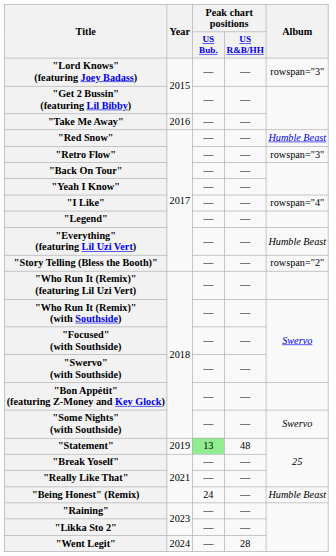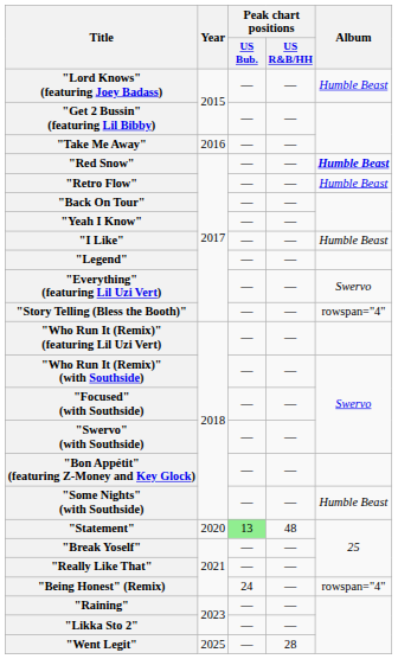 <table class="wikitable plainrowheaders" style="text-align:center;">
 <tr>
 <th scope="col" rowspan="2">Title</th>
 <th scope="col" rowspan="2">Year</th>
 <th scope="col" colspan="2">Peak chart positions</th>
 <th scope="col" rowspan="2">Album</th>
 </tr>
 <tr>
 <th scope="col" style="width:3em;font-size:90%;"><a href='#'>US<br>Bub.</a><br></th>
 <th scope="col" style="width:3em;font-size:90%;"><a href='#'>US<br>R&B/HH</a><br></th>
 </tr>
 <tr>
 <th scope="row">"Lord Knows"<br><span>(featuring <a href='#'>Joey Badass</a>)</span></th>
 <td rowspan="2">2015</td>
 <td>—</td>
 <td>—</td>
-<td>rowspan="3" </td>
+<td><em><a href='#'>Humble Beast</a></em></td>
 </tr>
 <tr>
 <th scope="row">"Get 2 Bussin"<br><span>(featuring <a href='#'>Lil Bibby</a>)</span></th>
 <td>—</td>
 <td>—</td>
 </tr>
 <tr>
 <th scope="row">"Take Me Away"</th>
 <td>2016</td>
 <td>—</td>
 <td>—</td>
 </tr>
 <tr>
 <th scope="row">"Red Snow"</th>
 <td rowspan="8">2017</td>
 <td>—</td>
 <td>—</td>
-<td><em><a href='#'>Humble Beast</a></em></td>
+<td><strong><em><a href='#'>Humble Beast</a></em></strong></td>
 </tr>
 <tr>
 <th scope="row">"Retro Flow"</th>
 <td>—</td>
 <td>—</td>
-<td>rowspan="3" </td>
+<td><em><a href='#'>Humble Beast</a></em></td>
 </tr>
 <tr>
 <th scope="row">"Back On Tour"</th>
 <td>—</td>
 <td>—</td>
 </tr>
 <tr>
 <th scope="row">"Yeah I Know"</th>
 <td>—</td>
 <td>—</td>
 </tr>
 <tr>
 <th scope="row">"I Like"</th>
 <td>—</td>
 <td>—</td>
-<td>rowspan="4" </td>
+<td><em>Humble Beast</em></td>
 </tr>
 <tr>
 <th scope="row">"Legend"</th>
 <td>—</td>
 <td>—</td>
 <td></td>
 </tr>
 <tr>
 <th scope="row">"Everything"<br><span>(featuring <a href='#'>Lil Uzi Vert</a>)</span></th>
 <td>—</td>
 <td>—</td>
-<td><em>Humble Beast</em></td>
+<td><em>Swervo</em></td>
 </tr>
 <tr>
 <th scope="row">"Story Telling (Bless the Booth)"</th>
 <td>—</td>
 <td>—</td>
-<td>rowspan="2" </td>
+<td>rowspan="4" </td>
 </tr>
 <tr>
 <th scope="row">"Who Run It (Remix)"<br><span>(featuring Lil Uzi Vert)</span></th>
 <td rowspan="6">2018</td>
 <td>—</td>
 <td>—</td>
 </tr>
 <tr>
 <th scope="row">"Who Run It (Remix)"<br><span>(with <a href='#'>Southside</a>)</span></th>
 <td>—</td>
 <td>—</td>
 <td rowspan="3"><em><a href='#'>Swervo</a></em></td>
 </tr>
 <tr>
 <th scope="row">"Focused"<br><span>(with Southside)</span></th>
 <td>—</td>
 <td>—</td>
 </tr>
 <tr>
 <th scope="row">"Swervo"<br><span>(with Southside)</span></th>
 <td>—</td>
 <td>—</td>
 </tr>
 <tr>
 <th scope="row">"Bon Appétit"<br><span>(featuring Z-Money and <a href='#'>Key Glock</a>)</span></th>
 <td>—</td>
 <td>—</td>
 <td></td>
 </tr>
 <tr>
 <th scope="row">"Some Nights"<br><span>(with Southside)</span></th>
 <td>—</td>
 <td>—</td>
-<td><em>Swervo</em></td>
+<td><em>Humble Beast</em></td>
 </tr>
 <tr>
 <th scope="row">"Statement"</th>
-<td>2019</td>
+<td>2020</td>
 <td style="background: lightgreen;">13</td>
 <td>48</td>
 <td rowspan="3"><em>25</em></td>
 </tr>
 <tr>
 <th scope="row">"Break Yoself"</th>
 <td rowspan="3">2021</td>
 <td>—</td>
 <td>—</td>
 </tr>
 <tr>
 <th scope="row">"Really Like That"</th>
 <td>—</td>
 <td>—</td>
 </tr>
 <tr>
 <th scope="row">"Being Honest" (Remix)<br></th>
 <td>24</td>
 <td>—</td>
-<td><em>Humble Beast</em></td>
+<td>rowspan="4" </td>
 </tr>
 <tr>
 <th scope="row">"Raining"</th>
 <td rowspan="2">2023</td>
 <td>—</td>
 <td>—</td>
 </tr>
 <tr>
 <th scope="row">"Likka Sto 2"<br></th>
 <td>—</td>
 <td>—</td>
 </tr>
 <tr>
 <th scope="row">"Went Legit"</th>
-<td>2024</td>
+<td>2025</td>
 <td>—</td>
 <td>28</td>
 </tr>
 </table>
